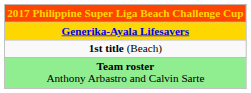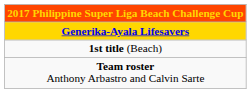 <table class=wikitable style="text-align:center; margin:auto;">
 <tr>
 <th style="background:#FF4500; color:#FFD700;">2017 Philippine Super Liga Beach Challenge Cup</th>
 </tr>
 <tr bgcolor="gold">
 <td><strong><a href='#'>Generika-Ayala Lifesavers</a></strong></td>
 </tr>
 <tr>
 <td><strong>1st title</strong> (Beach)</td>
 </tr>
 <tr>
-<td style="background: lightgreen;"><strong>Team roster</strong><br>Anthony Arbastro and Calvin Sarte</td>
+<td><strong>Team roster</strong><br>Anthony Arbastro and Calvin Sarte</td>
 </tr>
 </table>
